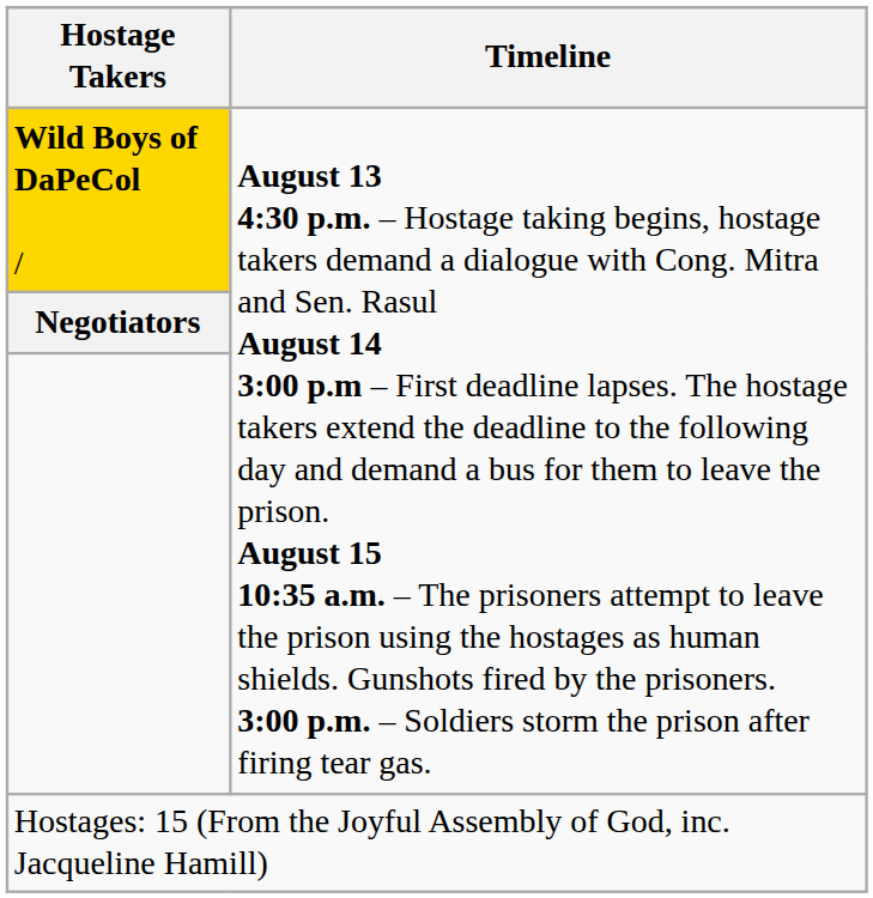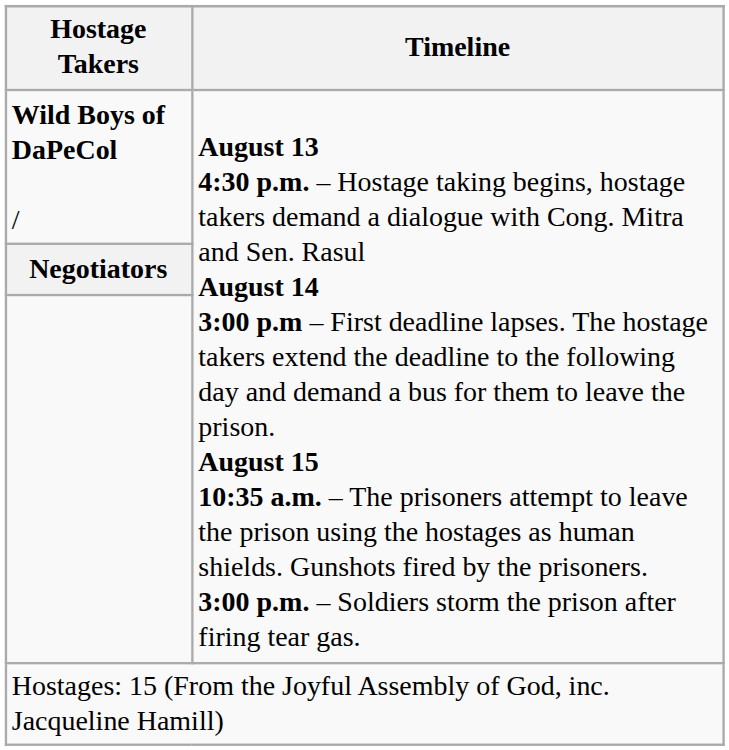 <table class="wikitable" align=right width=35% style="font-size: 75%;">
 <tr>
 </tr>
 <tr>
 <th>Hostage Takers</th>
 <th>Timeline</th>
 </tr>
 <tr>
-<td style="background: gold;"><strong>Wild Boys of DaPeCol<br></strong><br> / <br></td>
+<td><strong>Wild Boys of DaPeCol<br></strong><br> / <br></td>
 <td rowspan=3><br><strong>August 13</strong><br> <strong>4:30 p.m.</strong> – Hostage taking begins, hostage takers demand a dialogue with Cong. Mitra and Sen. Rasul<br> <strong>August 14</strong><br> <strong>3:00 p.m</strong> – First deadline lapses. The hostage takers extend the deadline to the following day and demand a bus for them to leave the prison.<br> <strong>August 15</strong><br> <strong>10:35 a.m.</strong> – The prisoners attempt to leave the prison using the hostages as human shields. Gunshots fired by the prisoners.<br> <strong>3:00 p.m.</strong> – Soldiers storm the prison after firing tear gas.</td>
 </tr>
 <tr>
 <th>Negotiators</th>
 </tr>
 <tr>
 <td><br><br><br> <br><br> <br><br> <br> <br> <br></td>
 </tr>
 <tr>
 <td colspan=2>Hostages: 15 (From the Joyful Assembly of God, inc. Jacqueline Hamill)</td>
 </tr>
 </table>
